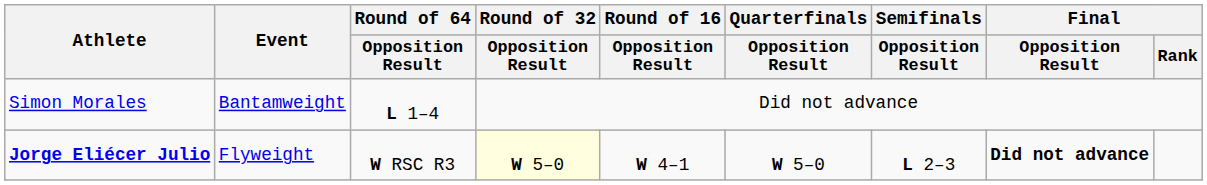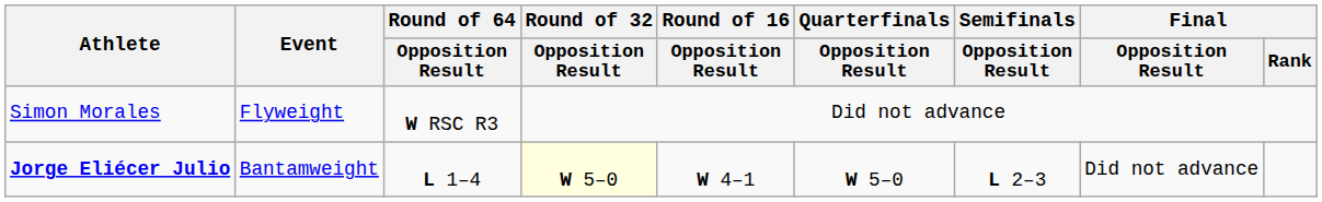 <table class="wikitable" style="font-size:90%">
 <tr>
 <th rowspan="2">Athlete</th>
 <th rowspan="2">Event</th>
 <th>Round of 64</th>
 <th>Round of 32</th>
 <th>Round of 16</th>
 <th>Quarterfinals</th>
 <th>Semifinals</th>
 <th colspan=2>Final</th>
 </tr>
 <tr style="font-size:95%">
 <th>Opposition<br>Result</th>
 <th>Opposition<br>Result</th>
 <th>Opposition<br>Result</th>
 <th>Opposition<br>Result</th>
 <th>Opposition<br>Result</th>
 <th>Opposition<br>Result</th>
 <th>Rank</th>
 </tr>
 <tr align=center>
 <td align=left><a href='#'>Simon Morales</a></td>
-<td align=left><a href='#'>Bantamweight</a></td>
-<td><br><strong>L</strong> 1–4</td>
+<td align=left><a href='#'>Flyweight</a></td>
+<td><br><strong>W</strong> RSC R3</td>
 <td colspan=6>Did not advance</td>
 </tr>
 <tr align=center>
 <td align=left><strong><a href='#'>Jorge Eliécer Julio</a></strong></td>
-<td align=left><a href='#'>Flyweight</a></td>
-<td><br><strong>W</strong> RSC R3</td>
+<td align=left><a href='#'>Bantamweight</a></td>
+<td><br><strong>L</strong> 1–4</td>
 <td style="background: lightyellow;"><br><strong>W</strong> 5–0</td>
 <td><br><strong>W</strong> 4–1</td>
 <td><br><strong>W</strong> 5–0</td>
 <td><br><strong>L</strong> 2–3</td>
-<td><strong>Did not advance</strong></td>
+<td>Did not advance</td>
 <td></td>
 </tr>
 </table>
